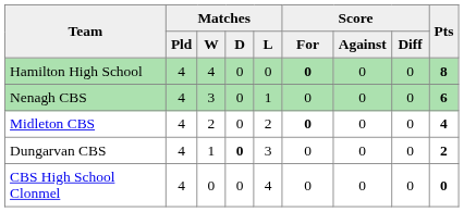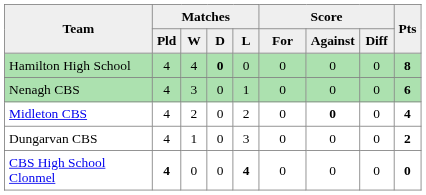 <table style=border-collapse:collapse border=1 cellspacing=0 cellpadding=5>
 <tr align=center bgcolor=#efefef>
 <th rowspan=2 width=165>Team</th>
 <th colspan=4>Matches</th>
 <th colspan=3>Score</th>
 <th rowspan=2width=20>Pts</th>
 </tr>
 <tr align=center bgcolor=#efefef>
 <th width=20>Pld</th>
 <th width=20>W</th>
 <th width=20>D</th>
 <th width=20>L</th>
 <th width=45>For</th>
 <th width=45>Against</th>
 <th width=30>Diff</th>
 </tr>
 <tr align=center style="background:#ACE1AF;">
 <td style="text-align:left;">Hamilton High School</td>
 <td>4</td>
 <td>4</td>
+<td><strong>0</strong></td>
 <td>0</td>
 <td>0</td>
-<td><strong>0</strong></td>
 <td>0</td>
 <td>0</td>
 <td><strong>8</strong></td>
 </tr>
 <tr align=center style="background:#ACE1AF;">
 <td style="text-align:left;">Nenagh CBS</td>
 <td>4</td>
 <td>3</td>
 <td>0</td>
 <td>1</td>
 <td>0</td>
 <td>0</td>
 <td>0</td>
 <td><strong>6</strong></td>
 </tr>
 <tr align=center>
 <td style="text-align:left;"><a href='#'>Midleton CBS</a></td>
 <td>4</td>
 <td>2</td>
 <td>0</td>
 <td>2</td>
+<td>0</td>
 <td><strong>0</strong></td>
-<td>0</td>
 <td>0</td>
 <td><strong>4</strong></td>
 </tr>
 <tr align=center>
 <td style="text-align:left;">Dungarvan CBS</td>
 <td>4</td>
 <td>1</td>
-<td><strong>0</strong></td>
+<td>0</td>
 <td>3</td>
 <td>0</td>
 <td>0</td>
 <td>0</td>
 <td><strong>2</strong></td>
 </tr>
 <tr align=center>
 <td style="text-align:left;"><a href='#'>CBS High School Clonmel</a></td>
-<td>4</td>
+<td><strong>4</strong></td>
 <td>0</td>
 <td>0</td>
-<td>4</td>
+<td><strong>4</strong></td>
 <td>0</td>
 <td>0</td>
 <td>0</td>
 <td><strong>0</strong></td>
 </tr>
 </table>
